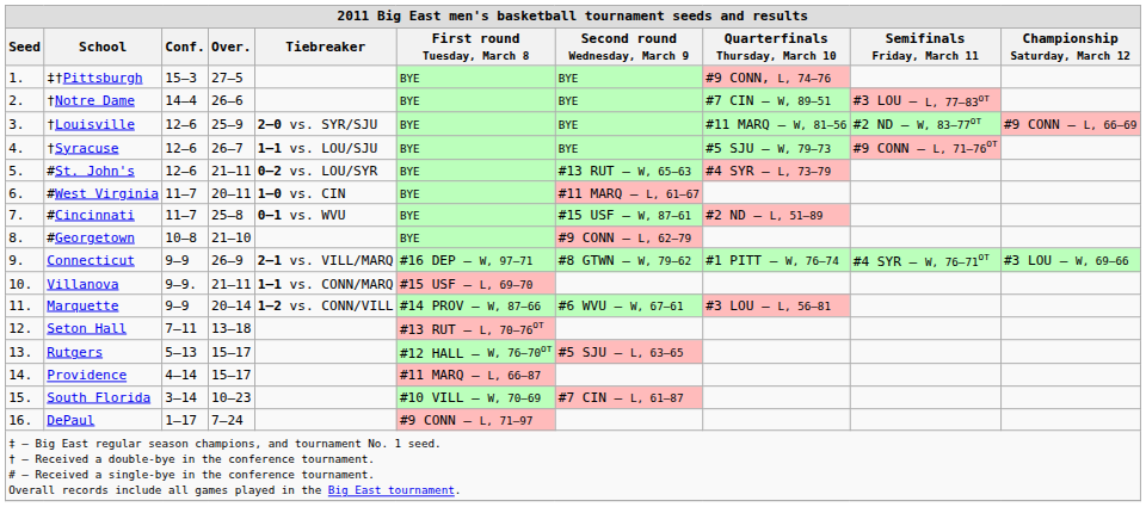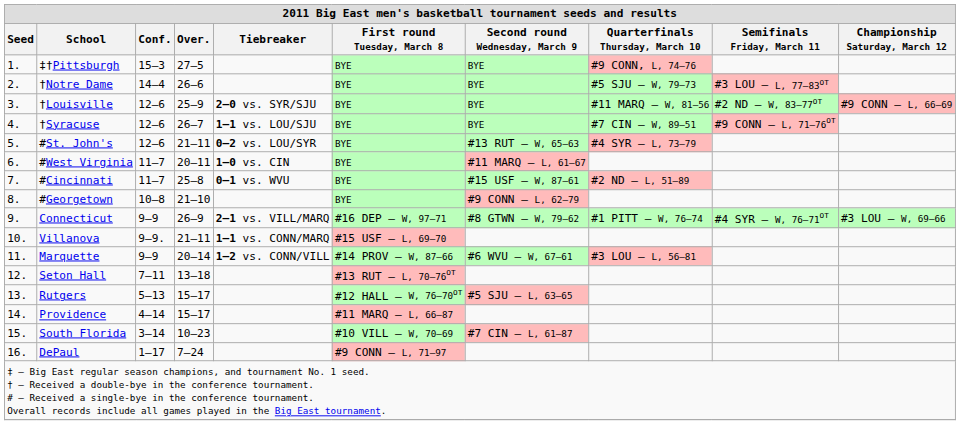 <table class="wikitable" style="white-space:nowrap; font-size:90%;">
 <tr>
 <td colspan="10" style="text-align:center; background:#DDDDDD; font:#000000"><strong>2011 Big East men's basketball tournament seeds and results</strong></td>
 </tr>
 <tr bgcolor="#efefef">
 <th>Seed</th>
 <th>School</th>
 <th>Conf.</th>
 <th>Over.</th>
 <th>Tiebreaker</th>
 <th>First round<br><small>Tuesday, March 8</small></th>
 <th>Second round<br><small>Wednesday, March 9</small></th>
 <th>Quarterfinals<br><small>Thursday, March 10</small></th>
 <th>Semifinals<br><small>Friday, March 11</small></th>
 <th>Championship<br><small>Saturday, March 12</small></th>
 </tr>
 <tr>
 <td>1.</td>
 <td>‡†<a href='#'>Pittsburgh</a></td>
 <td>15–3</td>
 <td>27–5</td>
 <td></td>
 <td style="background:#bfb;"><small>BYE</small></td>
 <td style="background:#bfb;"><small>BYE</small></td>
 <td style="background:#fbb;">#9 CONN, <small>L, 74–76</small></td>
 <td></td>
 <td></td>
 </tr>
 <tr>
 <td>2.</td>
 <td>†<a href='#'>Notre Dame</a></td>
 <td>14–4</td>
 <td>26–6</td>
 <td></td>
 <td style="background:#bfb;"><small>BYE</small></td>
 <td style="background:#bfb;"><small>BYE</small></td>
-<td style="background:#bfb;">#7 CIN – <small>W, 89–51</small></td>
+<td style="background:#bfb;">#5 SJU – <small>W, 79–73</small></td>
 <td style="background:#fbb;">#3 LOU – <small>L, 77–83<sup>OT</sup></small></td>
 <td></td>
 </tr>
 <tr>
 <td>3.</td>
 <td>†<a href='#'>Louisville</a></td>
 <td>12–6</td>
 <td>25–9</td>
 <td><strong>2–0</strong> vs. SYR/SJU</td>
 <td style="background:#bfb;"><small>BYE</small></td>
 <td style="background:#bfb;"><small>BYE</small></td>
 <td style="background:#bfb;">#11 MARQ – <small>W, 81–56</small></td>
 <td style="background:#bfb;">#2 ND – <small>W, 83–77<sup>OT</sup></small></td>
 <td style="background:#fbb;">#9 CONN – <small>L, 66–69</small></td>
 </tr>
 <tr>
 <td>4.</td>
 <td>†<a href='#'>Syracuse</a></td>
 <td>12–6</td>
 <td>26–7</td>
 <td><strong>1–1</strong> vs. LOU/SJU</td>
 <td style="background:#bfb;"><small>BYE</small></td>
 <td style="background:#bfb;"><small>BYE</small></td>
-<td style="background:#bfb;">#5 SJU – <small>W, 79–73</small></td>
+<td style="background:#bfb;">#7 CIN – <small>W, 89–51</small></td>
 <td style="background:#fbb;">#9 CONN – <small>L, 71–76<sup>OT</sup></small></td>
 <td></td>
 </tr>
 <tr>
 <td>5.</td>
 <td>#<a href='#'>St. John's</a></td>
 <td>12–6</td>
 <td>21–11</td>
 <td><strong>0–2</strong> vs. LOU/SYR</td>
 <td style="background:#bfb;"><small>BYE</small></td>
 <td style="background:#bfb;">#13 RUT – <small>W, 65–63</small></td>
 <td style="background:#fbb;">#4 SYR – <small>L, 73–79</small></td>
 <td></td>
 <td></td>
 </tr>
 <tr>
 <td>6.</td>
 <td>#<a href='#'>West Virginia</a></td>
 <td>11–7</td>
 <td>20–11</td>
 <td><strong>1–0</strong> vs. CIN</td>
 <td style="background:#bfb;"><small>BYE</small></td>
 <td style="background:#fbb;">#11 MARQ – <small>L, 61–67</small></td>
 <td></td>
 <td></td>
 <td></td>
 </tr>
 <tr>
 <td>7.</td>
 <td>#<a href='#'>Cincinnati</a></td>
 <td>11–7</td>
 <td>25–8</td>
 <td><strong>0–1</strong> vs. WVU</td>
 <td style="background:#bfb;"><small>BYE</small></td>
 <td style="background:#bfb;">#15 USF – <small>W, 87–61</small></td>
 <td style="background:#fbb;">#2 ND – <small>L, 51–89</small></td>
 <td></td>
 <td></td>
 </tr>
 <tr>
 <td>8.</td>
 <td>#<a href='#'>Georgetown</a></td>
 <td>10–8</td>
 <td>21–10</td>
 <td></td>
 <td style="background:#bfb;"><small>BYE</small></td>
 <td style="background:#fbb;">#9 CONN – <small>L, 62–79</small></td>
 <td></td>
 <td></td>
 <td></td>
 </tr>
 <tr>
 <td>9.</td>
 <td><a href='#'>Connecticut</a></td>
 <td>9–9</td>
 <td>26–9</td>
 <td><strong>2–1</strong> vs. VILL/MARQ</td>
 <td style="background:#bfb;">#16 DEP – <small>W, 97–71</small></td>
 <td style="background:#bfb;">#8 GTWN – <small>W, 79–62</small></td>
 <td style="background:#bfb;">#1 PITT – <small>W, 76–74</small></td>
 <td style="background:#bfb;">#4 SYR – <small>W, 76–71<sup>OT</sup></small></td>
 <td style="background:#bfb;">#3 LOU – <small>W, 69–66</small></td>
 </tr>
 <tr>
 <td>10.</td>
 <td><a href='#'>Villanova</a></td>
 <td>9–9.</td>
 <td>21–11</td>
 <td><strong>1–1</strong> vs. CONN/MARQ</td>
 <td style="background:#fbb;">#15 USF – <small>L, 69–70</small></td>
 <td></td>
 <td></td>
 <td></td>
 <td></td>
 </tr>
 <tr>
 <td>11.</td>
 <td><a href='#'>Marquette</a></td>
 <td>9–9</td>
 <td>20–14</td>
 <td><strong>1–2</strong> vs. CONN/VILL</td>
 <td style="background:#bfb;">#14 PROV – <small>W, 87–66</small></td>
 <td style="background:#bfb;">#6 WVU – <small>W, 67–61</small></td>
 <td style="background:#fbb;">#3 LOU – <small>L, 56–81</small></td>
 <td></td>
 <td></td>
 </tr>
 <tr>
 <td>12.</td>
 <td><a href='#'>Seton Hall</a></td>
 <td>7–11</td>
 <td>13–18</td>
 <td></td>
 <td style="background:#fbb;">#13 RUT – <small>L, 70–76<sup>OT</sup></small></td>
 <td></td>
 <td></td>
 <td></td>
 <td></td>
 </tr>
 <tr>
 <td>13.</td>
 <td><a href='#'>Rutgers</a></td>
 <td>5–13</td>
 <td>15–17</td>
 <td></td>
 <td style="background:#bfb;">#12 HALL – <small>W, 76–70<sup>OT</sup></small></td>
 <td style="background:#fbb;">#5 SJU – <small>L, 63–65</small></td>
 <td></td>
 <td></td>
 <td></td>
 </tr>
 <tr>
 <td>14.</td>
 <td><a href='#'>Providence</a></td>
 <td>4–14</td>
 <td>15–17</td>
 <td></td>
 <td style="background:#fbb;">#11 MARQ – <small>L, 66–87</small></td>
 <td></td>
 <td></td>
 <td></td>
 </tr>
 <tr>
 <td>15.</td>
 <td><a href='#'>South Florida</a></td>
 <td>3–14</td>
 <td>10–23</td>
 <td></td>
 <td style="background:#bfb;">#10 VILL – <small>W, 70–69</small></td>
 <td style="background:#fbb;">#7 CIN – <small>L, 61–87</small></td>
 <td></td>
 <td></td>
 <td></td>
 </tr>
 <tr>
 <td>16.</td>
 <td><a href='#'>DePaul</a></td>
 <td>1–17</td>
 <td>7–24</td>
 <td></td>
 <td style="background:#fbb;">#9 CONN – <small>L, 71–97</small></td>
 <td></td>
 <td></td>
 <td></td>
 <td></td>
 </tr>
 <tr>
 <td colspan="10" style="text-align:left;"><small>‡ – Big East regular season champions, and tournament No. 1 seed.<br>† – Received a double-bye in the conference tournament.<br># – Received a single-bye in the conference tournament.<br>Overall records include all games played in the <a href='#'>Big East tournament</a>.</small></td>
 </tr>
 <tr>
 </tr>
 </table>
